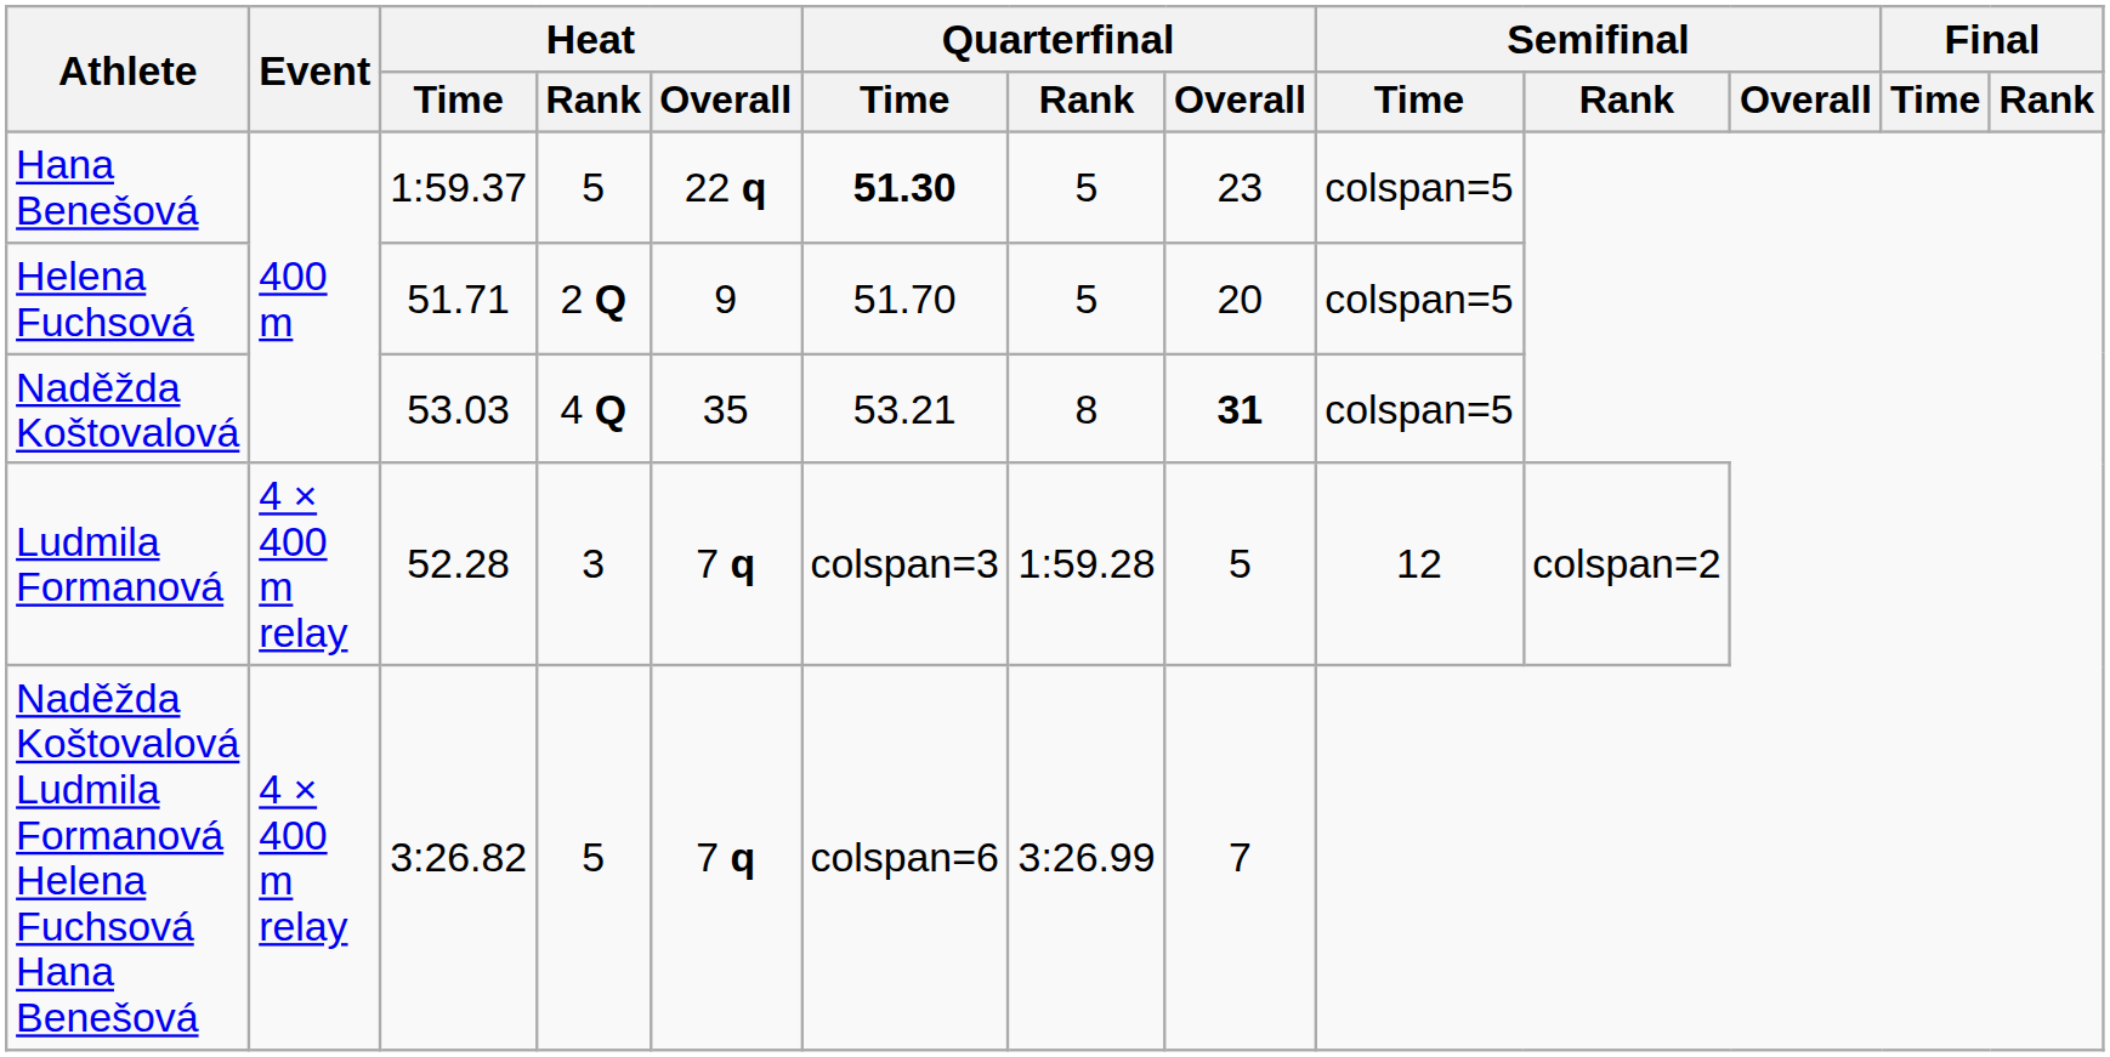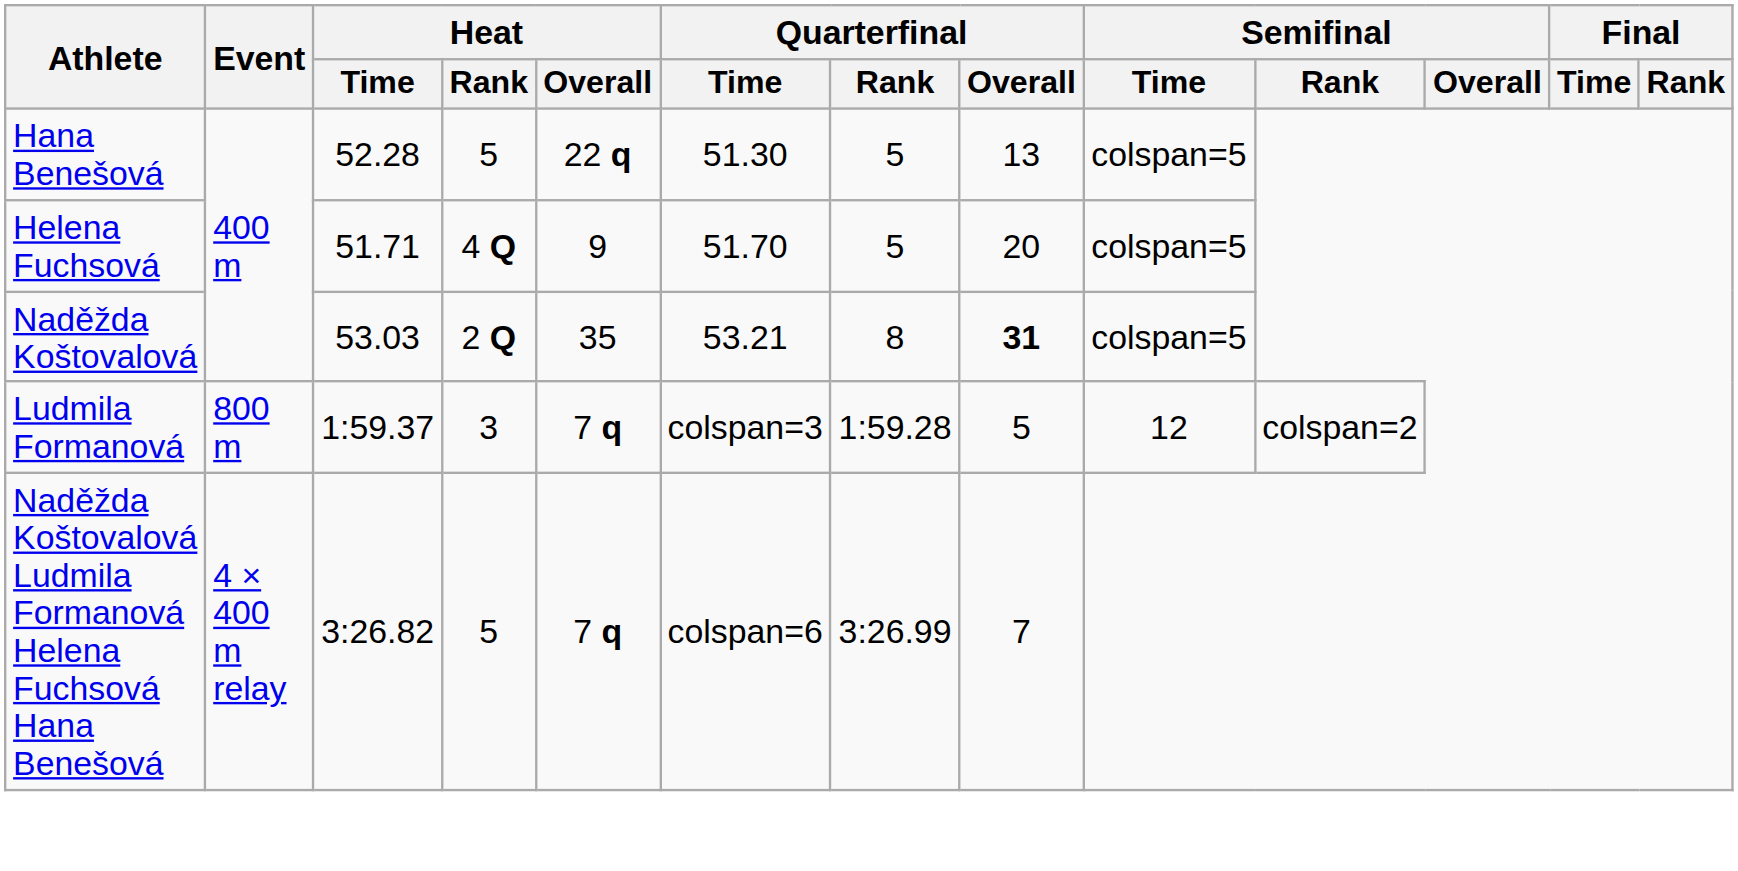 <table class=wikitable style=font-size:90%;text-align:center>
 <tr>
 <th rowspan=2>Athlete</th>
 <th rowspan=2>Event</th>
 <th colspan=3>Heat</th>
 <th colspan=3>Quarterfinal</th>
 <th colspan=3>Semifinal</th>
 <th colspan=2>Final</th>
 </tr>
 <tr style=font-size:95%>
 <th>Time</th>
 <th>Rank</th>
 <th>Overall</th>
 <th>Time</th>
 <th>Rank</th>
 <th>Overall</th>
 <th>Time</th>
 <th>Rank</th>
 <th>Overall</th>
 <th>Time</th>
 <th>Rank</th>
 </tr>
 <tr>
 <td align=left><a href='#'>Hana Benešová</a></td>
 <td align=left rowspan=3><a href='#'>400 m</a></td>
-<td>1:59.37</td>
+<td>52.28</td>
 <td>5</td>
 <td>22 <strong>q</strong></td>
-<td><strong>51.30</strong></td>
+<td>51.30</td>
 <td>5</td>
-<td>23</td>
+<td>13</td>
 <td>colspan=5 </td>
 </tr>
 <tr>
 <td align=left><a href='#'>Helena Fuchsová</a></td>
 <td>51.71</td>
-<td>2 <strong>Q</strong></td>
+<td>4 <strong>Q</strong></td>
 <td>9</td>
 <td>51.70</td>
 <td>5</td>
 <td>20</td>
 <td>colspan=5 </td>
 </tr>
 <tr>
 <td align=left><a href='#'>Naděžda Koštovalová</a></td>
 <td>53.03</td>
-<td>4 <strong>Q</strong></td>
+<td>2 <strong>Q</strong></td>
 <td>35</td>
 <td>53.21</td>
 <td>8</td>
 <td><strong>31</strong></td>
 <td>colspan=5 </td>
 </tr>
 <tr>
 <td align=left><a href='#'>Ludmila Formanová</a></td>
-<td align=left><a href='#'>4 × 400 m relay</a></td>
-<td>52.28</td>
+<td align=left><a href='#'>800 m</a></td>
+<td>1:59.37</td>
 <td>3</td>
 <td>7 <strong>q</strong></td>
 <td>colspan=3 </td>
 <td>1:59.28</td>
 <td>5</td>
 <td>12</td>
 <td>colspan=2 </td>
 </tr>
 <tr>
 <td align=left><a href='#'>Naděžda Koštovalová</a><br><a href='#'>Ludmila Formanová</a><br><a href='#'>Helena Fuchsová</a><br><a href='#'>Hana Benešová</a></td>
 <td align=left><a href='#'>4 × 400 m relay</a></td>
 <td>3:26.82</td>
 <td>5</td>
 <td>7 <strong>q</strong></td>
 <td>colspan=6 </td>
 <td>3:26.99</td>
 <td>7</td>
 </tr>
 </table>
